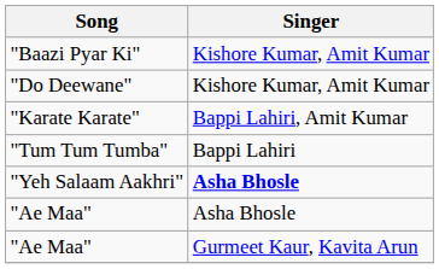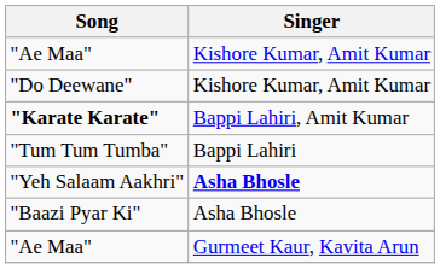 <table class="wikitable">
 <tr>
 <th>Song</th>
 <th>Singer</th>
 </tr>
 <tr>
-<td>"Baazi Pyar Ki"</td>
+<td>"Ae Maa"</td>
 <td><a href='#'>Kishore Kumar</a>, <a href='#'>Amit Kumar</a></td>
 </tr>
 <tr>
 <td>"Do Deewane"</td>
 <td>Kishore Kumar, Amit Kumar</td>
 </tr>
 <tr>
-<td>"Karate Karate"</td>
+<td><strong>"Karate Karate"</strong></td>
 <td><a href='#'>Bappi Lahiri</a>, Amit Kumar</td>
 </tr>
 <tr>
 <td>"Tum Tum Tumba"</td>
 <td>Bappi Lahiri</td>
 </tr>
 <tr>
 <td>"Yeh Salaam Aakhri"</td>
 <td><strong><a href='#'>Asha Bhosle</a></strong></td>
 </tr>
 <tr>
-<td>"Ae Maa"</td>
+<td>"Baazi Pyar Ki"</td>
 <td>Asha Bhosle</td>
 </tr>
 <tr>
 <td>"Ae Maa"</td>
 <td><a href='#'>Gurmeet Kaur</a>, <a href='#'>Kavita Arun</a></td>
 </tr>
 <tr>
 </tr>
 </table>
